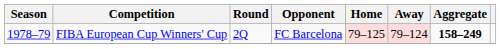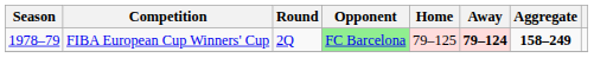 <table class="wikitable" style="text-align:left">
 <tr>
 <th>Season</th>
 <th>Competition</th>
 <th>Round</th>
 <th>Opponent</th>
 <th>Home</th>
 <th>Away</th>
 <th>Aggregate</th>
 <th></th>
 </tr>
 <tr>
 <td><a href='#'>1978–79</a></td>
 <td><a href='#'>FIBA European Cup Winners' Cup</a></td>
 <td><a href='#'>2Q</a></td>
-<td> <a href='#'>FC Barcelona</a></td>
+<td style="background: lightgreen;"> <a href='#'>FC Barcelona</a></td>
 <td bgcolor="#ffdddd" style="text-align:center;">79–125</td>
-<td bgcolor="#ffdddd" style="text-align:center;">79–124</td>
+<td bgcolor="#ffdddd" style="text-align:center;"><strong>79–124</strong></td>
 <td style="text-align:center;"><strong>158–249</strong></td>
 <td></td>
 </tr>
 <tr>
 </tr>
 </table>
